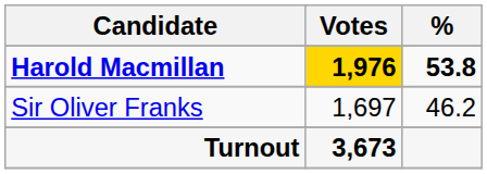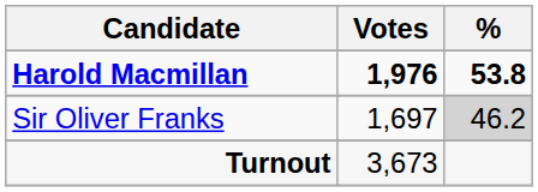 <table class="wikitable" style="font-size: 95%;">
 <tr>
 <th colspan="2" style="width: 170px">Candidate</th>
 <th style="width: 50px">Votes</th>
 <th style="width: 40px">%</th>
 </tr>
 <tr>
 </tr>
 <tr>
 <td colspan="2" style="width: 170px"><strong><a href='#'>Harold Macmillan</a></strong></td>
-<td align="right" style="background: gold;"><strong>1,976</strong></td>
+<td align="right"><strong>1,976</strong></td>
 <td align="right"><strong>53.8</strong></td>
 </tr>
 <tr>
 </tr>
 <tr>
 <td colspan="2" style="width: 170px"><a href='#'>Sir Oliver Franks</a></td>
 <td align="right">1,697</td>
-<td align="right">46.2</td>
+<td align="right" style="background: lightgrey;">46.2</td>
 </tr>
 <tr>
 </tr>
 <tr>
 </tr>
 <tr style="background-color:#F6F6F6">
 <td colspan="2" align="right"><strong>Turnout</strong></td>
-<td align="right"><strong>3,673</strong></td>
+<td align="right">3,673</td>
 <td align="right"></td>
 </tr>
 <tr>
 </tr>
 </table>
